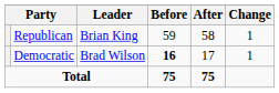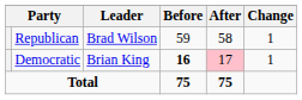 <table class="wikitable" style="text-align:center;">
 <tr>
 </tr>
 <tr>
 <th colspan=2>Party</th>
 <th>Leader</th>
 <th>Before</th>
 <th>After</th>
 <th>Change</th>
 </tr>
 <tr>
 <th style="background-color:"></th>
 <td style="text-align:left;"><a href='#'>Republican</a></td>
-<td style="text-align:left;"><a href='#'>Brian King</a></td>
+<td style="text-align:left;"><a href='#'>Brad Wilson</a></td>
 <td>59</td>
 <td>58</td>
 <td> 1</td>
 </tr>
 <tr>
 <th style="background-color:"></th>
 <td style="text-align:left;"><a href='#'>Democratic</a></td>
-<td style="text-align:left;"><a href='#'>Brad Wilson</a></td>
+<td style="text-align:left;"><a href='#'>Brian King</a></td>
 <td><strong>16</strong></td>
-<td>17</td>
+<td style="background: pink;">17</td>
 <td> 1</td>
 </tr>
 <tr>
 <td colspan=3><strong>Total</strong></td>
 <td><strong>75</strong></td>
 <td><strong>75</strong></td>
 <td></td>
 </tr>
 </table>
